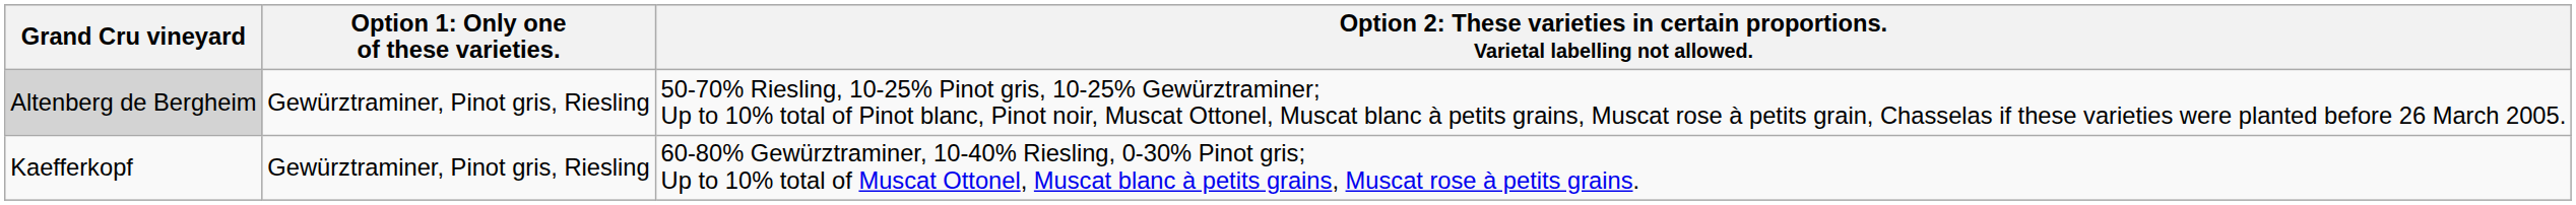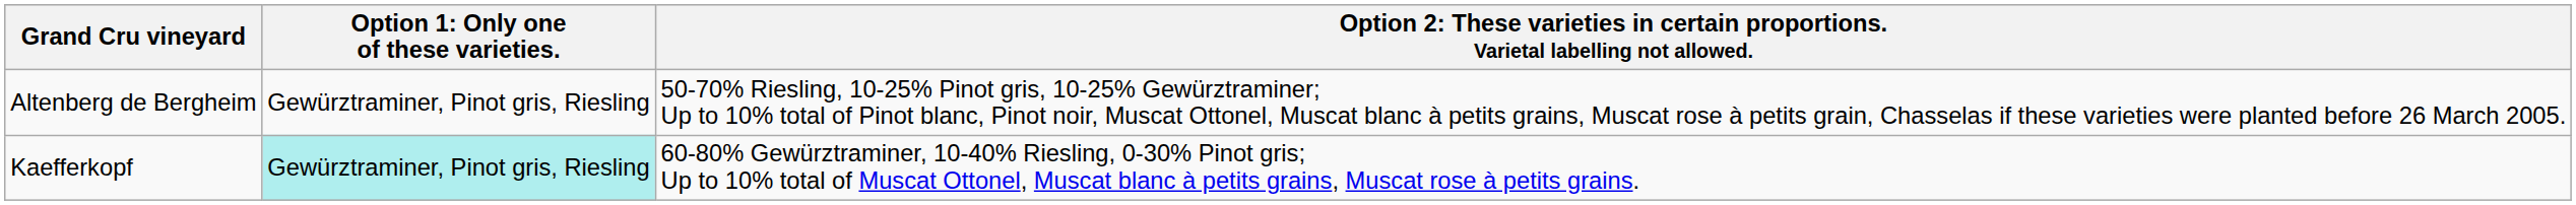 <table class="wikitable">
 <tr style="background:lightgrey;">
 <th>Grand Cru vineyard</th>
 <th>Option 1: Only one<br>of these varieties.</th>
 <th>Option 2: These varieties in certain proportions.<br><small>Varietal labelling not allowed.</small></th>
 </tr>
 <tr>
-<td style="background: lightgrey;">Altenberg de Bergheim</td>
+<td>Altenberg de Bergheim</td>
 <td>Gewürztraminer, Pinot gris, Riesling</td>
 <td>50-70% Riesling, 10-25% Pinot gris, 10-25% Gewürztraminer;<br>Up to 10% total of Pinot blanc, Pinot noir, Muscat Ottonel, Muscat blanc à petits grains, Muscat rose à petits grain, Chasselas if these varieties were planted before 26 March 2005.</td>
 </tr>
 <tr>
 <td>Kaefferkopf</td>
-<td>Gewürztraminer, Pinot gris, Riesling</td>
+<td style="background: paleturquoise;">Gewürztraminer, Pinot gris, Riesling</td>
 <td>60-80% Gewürztraminer, 10-40% Riesling, 0-30% Pinot gris;<br>Up to 10% total of <a href='#'>Muscat Ottonel</a>, <a href='#'>Muscat blanc à petits grains</a>, <a href='#'>Muscat rose à petits grains</a>.</td>
 </tr>
 </table>
